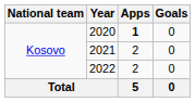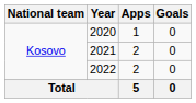 <table class="wikitable" style="text-align:center">
 <tr>
 <th>National team</th>
 <th>Year</th>
 <th>Apps</th>
 <th>Goals</th>
 </tr>
 <tr>
 <td rowspan="3"><a href='#'>Kosovo</a></td>
 <td>2020</td>
-<td><strong>1</strong></td>
+<td>1</td>
 <td>0</td>
 </tr>
 <tr>
 <td>2021</td>
 <td>2</td>
 <td>0</td>
 </tr>
 <tr>
 <td>2022</td>
 <td>2</td>
 <td>0</td>
 </tr>
 <tr>
 <th colspan="2">Total</th>
 <th>5</th>
 <th>0</th>
 </tr>
 </table>
